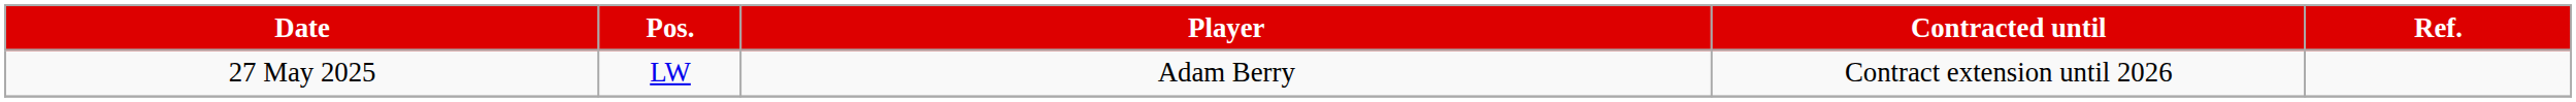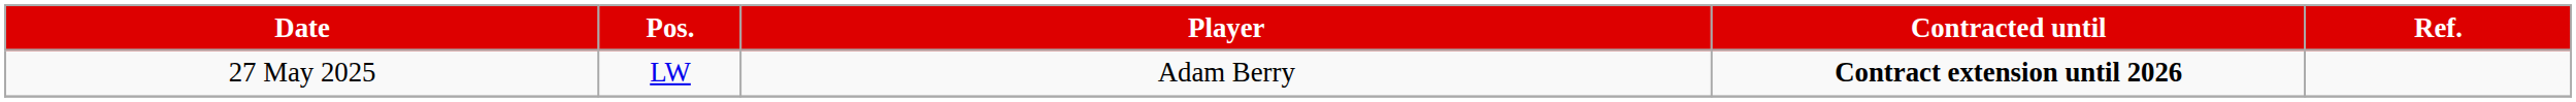 <table class="wikitable sortable" style="text-align:center;font-size:85%; width:100%;">
 <tr>
 <th style="background:#DD0000; color:#FFFFFF; width:120px;">Date</th>
 <th style="background:#DD0000; color:#FFFFFF; width:20px;">Pos.</th>
 <th style="background:#DD0000; color:#FFFFFF; width:200px;">Player</th>
 <th style="background:#DD0000; color:#FFFFFF; width:120px;">Contracted until</th>
 <th style="background:#DD0000; color:#FFFFFF; width:50px;">Ref.</th>
 </tr>
 <tr>
 <td>27 May 2025</td>
 <td><a href='#'>LW</a></td>
 <td> Adam Berry</td>
-<td>Contract extension until 2026</td>
+<td><strong>Contract extension until 2026</strong></td>
 <td></td>
 </tr>
 <tr>
 </tr>
 </table>
